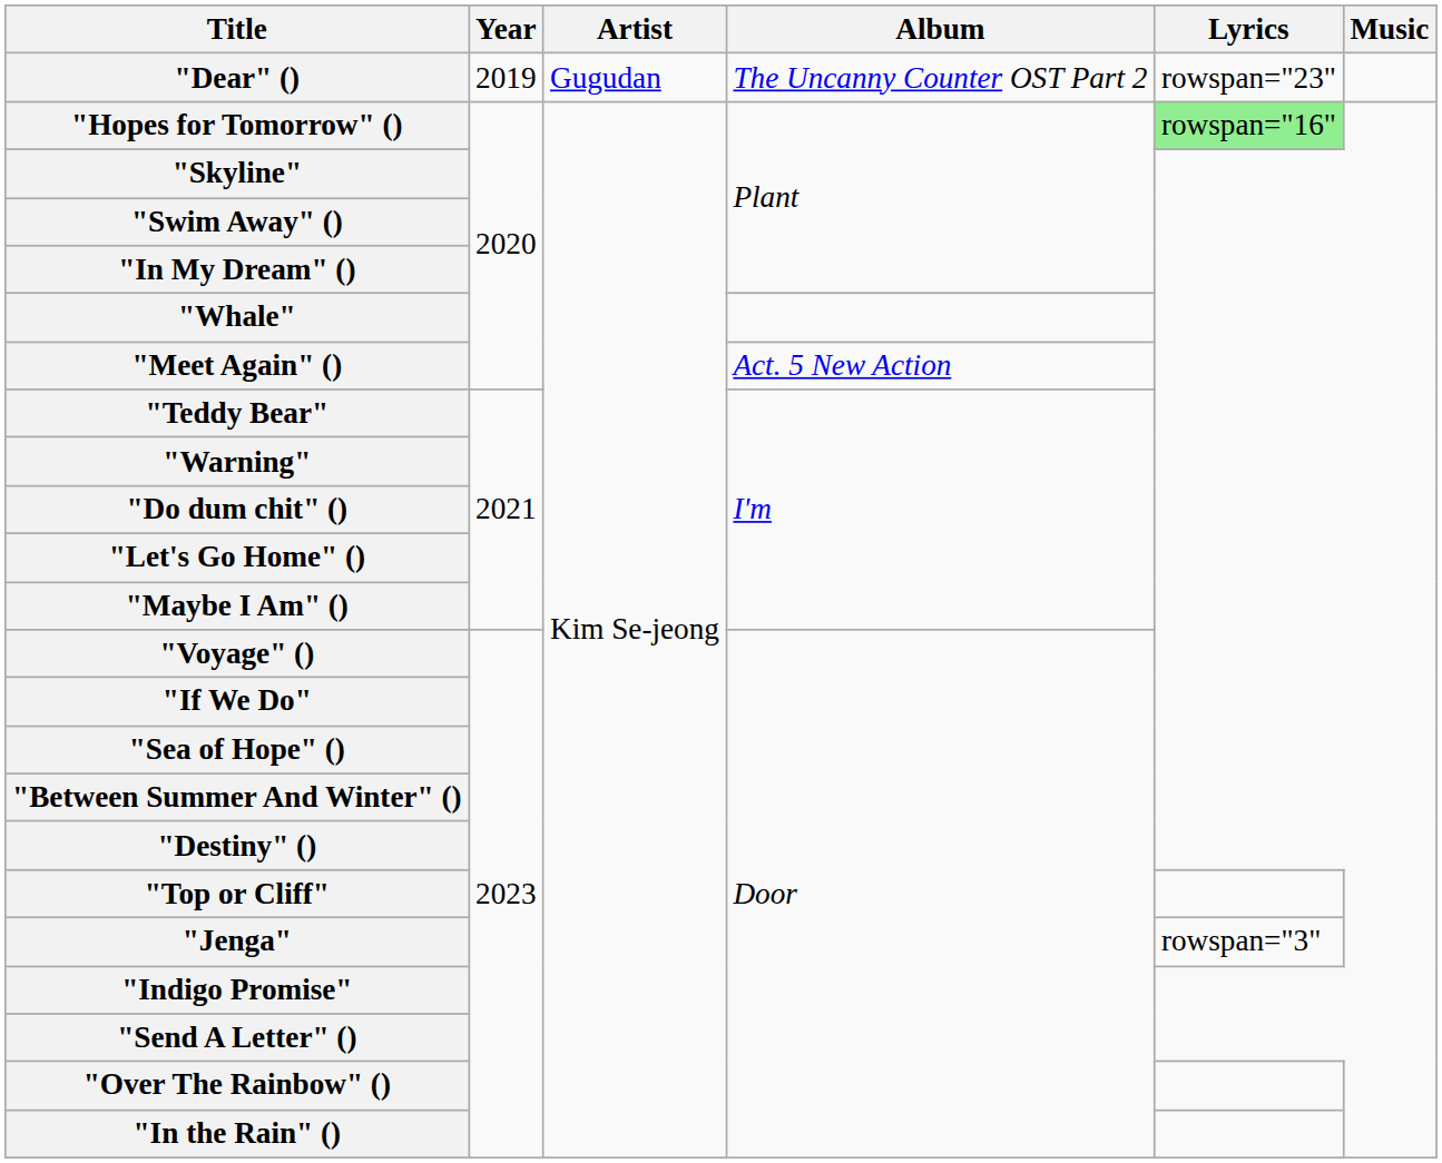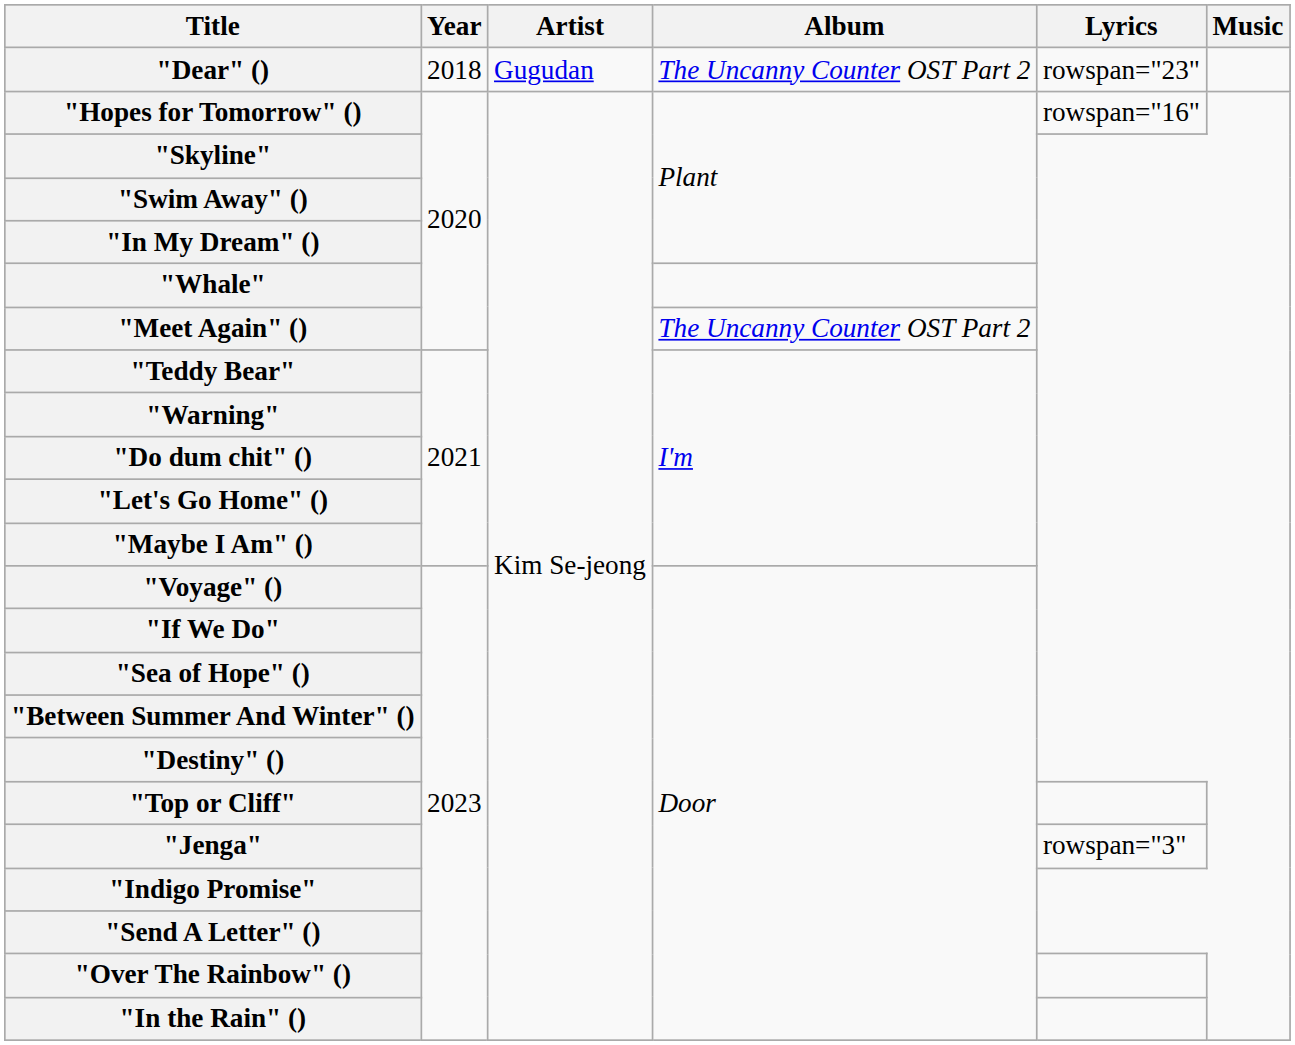 <table class="wikitable plainrowheaders">
 <tr>
 <th scope="col">Title</th>
 <th scope="col">Year</th>
 <th scope="col">Artist</th>
 <th scope="col">Album</th>
 <th scope="col">Lyrics</th>
 <th scope="col">Music</th>
 </tr>
 <tr>
 <th scope="row">"Dear" ()</th>
-<td style="text-align:center">2019</td>
+<td style="text-align:center">2018</td>
 <td><a href='#'>Gugudan</a></td>
 <td><em><a href='#'>The Uncanny Counter</a> OST Part 2</em></td>
 <td>rowspan="23" </td>
 <td></td>
 </tr>
 <tr>
 <th scope="row">"Hopes for Tomorrow" ()</th>
 <td rowspan="6" style="text-align:center">2020</td>
 <td rowspan="22">Kim Se-jeong</td>
 <td rowspan="4"><em>Plant</em></td>
-<td style="background: lightgreen;">rowspan="16" </td>
+<td>rowspan="16" </td>
 </tr>
 <tr>
 <th scope="row">"Skyline"</th>
 </tr>
 <tr>
 <th scope="row">"Swim Away" ()</th>
 </tr>
 <tr>
 <th scope="row">"In My Dream" ()</th>
 </tr>
 <tr>
 <th scope="row">"Whale"</th>
 <td></td>
 </tr>
 <tr>
 <th scope="row">"Meet Again" ()</th>
-<td><em><a href='#'>Act. 5 New Action</a></em></td>
+<td><em><a href='#'>The Uncanny Counter</a> OST Part 2</em></td>
 </tr>
 <tr>
 <th scope="row">"Teddy Bear"</th>
 <td rowspan="5" style="text-align:center">2021</td>
 <td rowspan="5"><em><a href='#'>I'm</a></em></td>
 </tr>
 <tr>
 <th scope="row">"Warning"<br></th>
 </tr>
 <tr>
 <th scope="row">"Do dum chit" ()</th>
 </tr>
 <tr>
 <th scope="row">"Let's Go Home" ()</th>
 </tr>
 <tr>
 <th scope="row">"Maybe I Am" ()</th>
 </tr>
 <tr>
 <th scope="row">"Voyage" ()</th>
 <td rowspan="11" style="text-align:center">2023</td>
 <td rowspan="11"><em>Door</em></td>
 </tr>
 <tr>
 <th scope="row">"If We Do"</th>
 </tr>
 <tr>
 <th scope="row">"Sea of Hope" ()</th>
 </tr>
 <tr>
 <th scope="row">"Between Summer And Winter" ()</th>
 </tr>
 <tr>
 <th scope="row">"Destiny" ()</th>
 </tr>
 <tr>
 <th scope="row">"Top or Cliff"</th>
 <td></td>
 </tr>
 <tr>
 <th scope="row">"Jenga"</th>
 <td>rowspan="3" </td>
 </tr>
 <tr>
 <th scope="row">"Indigo Promise"</th>
 </tr>
 <tr>
 <th scope="row">"Send A Letter" ()</th>
 </tr>
 <tr>
 <th scope="row">"Over The Rainbow" ()</th>
 <td></td>
 </tr>
 <tr>
 <th scope="row">"In the Rain" ()</th>
 <td></td>
 </tr>
 </table>
